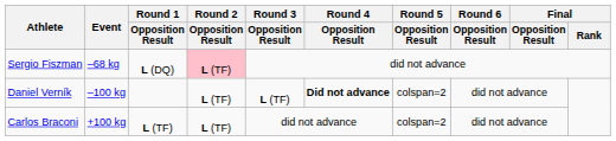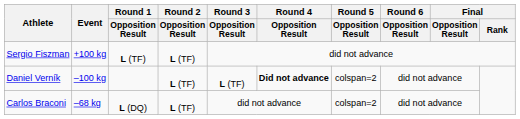 <table class="wikitable" border="1" style="font-size:90%">
 <tr>
 <th rowspan="2">Athlete</th>
 <th rowspan="2">Event</th>
 <th>Round 1</th>
 <th>Round 2</th>
 <th>Round 3</th>
 <th>Round 4</th>
 <th>Round 5</th>
 <th>Round 6</th>
 <th colspan=2>Final</th>
 </tr>
 <tr style="font-size: 95%">
 <th>Opposition<br>Result</th>
 <th>Opposition<br>Result</th>
 <th>Opposition<br>Result</th>
 <th>Opposition<br>Result</th>
 <th>Opposition<br>Result</th>
 <th>Opposition<br>Result</th>
 <th>Opposition<br>Result</th>
 <th width=50>Rank</th>
 </tr>
 <tr align=center>
 <td align=left><a href='#'>Sergio Fiszman</a></td>
-<td align=left><a href='#'>–68 kg</a></td>
-<td><br><strong>L</strong> (DQ)</td>
-<td style="background: pink;"><br><strong>L</strong> (TF)</td>
+<td align=left><a href='#'>+100 kg</a></td>
+<td><br><strong>L</strong> (TF)</td>
+<td><br><strong>L</strong> (TF)</td>
 <td align=center colspan=6>did not advance</td>
 </tr>
 <tr align=center>
 <td align=left><a href='#'>Daniel Verník</a></td>
 <td align=left><a href='#'>–100 kg</a></td>
 <td></td>
 <td><br><strong>L</strong> (TF)</td>
 <td><br><strong>L</strong> (TF)</td>
 <td><strong>Did not advance</strong></td>
 <td>colspan=2 </td>
 <td align=center colspan=2>did not advance</td>
 </tr>
 <tr align=center>
 <td align=left><a href='#'>Carlos Braconi</a></td>
-<td align=left><a href='#'>+100 kg</a></td>
-<td><br><strong>L</strong> (TF)</td>
+<td align=left><a href='#'>–68 kg</a></td>
+<td><br><strong>L</strong> (DQ)</td>
 <td><br><strong>L</strong> (TF)</td>
 <td colspan=2>did not advance</td>
 <td>colspan=2 </td>
 <td align=center colspan=2>did not advance</td>
 </tr>
 </table>
